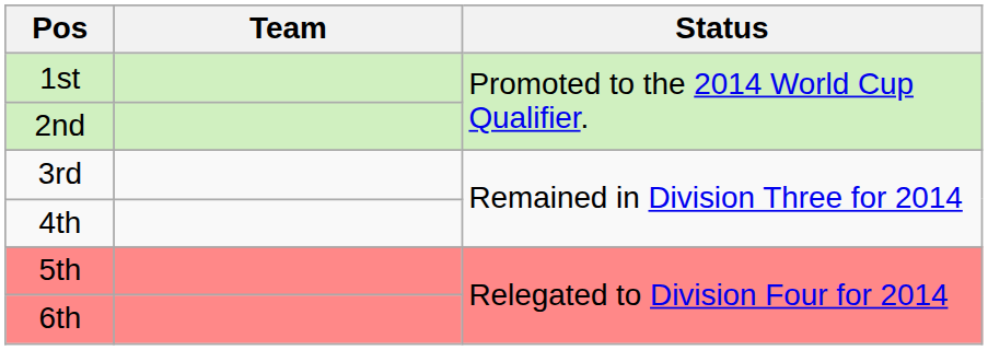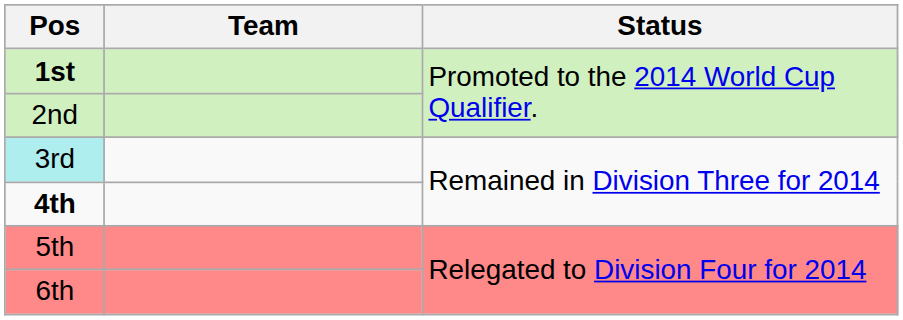 <table class="wikitable">
 <tr>
 <th width=50>Pos</th>
 <th width=175>Team</th>
 <th width=266>Status</th>
 </tr>
 <tr style="background:#D0F0C0">
-<td align="center">1st</td>
+<td align="center"><strong>1st</strong></td>
 <td></td>
 <td rowspan=2>Promoted to the <a href='#'>2014 World Cup Qualifier</a>.</td>
 </tr>
 <tr style="background:#D0F0C0">
 <td align="center">2nd</td>
 <td></td>
 </tr>
 <tr>
-<td align="center">3rd</td>
+<td align="center" style="background: paleturquoise;">3rd</td>
 <td></td>
 <td rowspan=2>Remained in <a href='#'>Division Three for 2014</a></td>
 </tr>
 <tr>
-<td align="center">4th</td>
+<td align="center"><strong>4th</strong></td>
 <td></td>
 </tr>
 <tr style="background:#FF8888;">
 <td align="center">5th</td>
 <td></td>
 <td rowspan=2>Relegated to <a href='#'>Division Four for 2014</a></td>
 </tr>
 <tr style="background:#FF8888;">
 <td align="center">6th</td>
 <td></td>
 </tr>
 </table>
